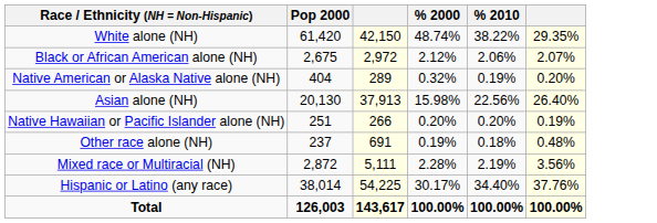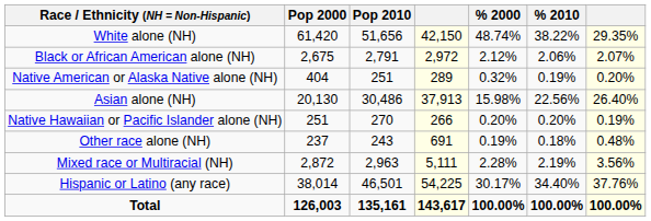 <table class="wikitable" style="text-align:center;">
 <tr>
 <th>Race / Ethnicity <small>(<em>NH = Non-Hispanic</em>)</small></th>
 <th>Pop 2000</th>
+<th>Pop 2010</th>
 <th></th>
 <th>% 2000</th>
 <th>% 2010</th>
 <th></th>
 </tr>
 <tr>
 <td><a href='#'>White</a> alone (NH)</td>
 <td>61,420</td>
+<td>51,656</td>
 <td style='background: #ffffe6;'>42,150</td>
 <td>48.74%</td>
 <td>38.22%</td>
 <td style='background: #ffffe6;'>29.35%</td>
 </tr>
 <tr>
 <td><a href='#'>Black or African American</a> alone (NH)</td>
 <td>2,675</td>
+<td>2,791</td>
 <td style='background: #ffffe6;'>2,972</td>
 <td>2.12%</td>
 <td>2.06%</td>
 <td style='background: #ffffe6;'>2.07%</td>
 </tr>
 <tr>
 <td><a href='#'>Native American</a> or <a href='#'>Alaska Native</a> alone (NH)</td>
 <td>404</td>
+<td>251</td>
 <td style='background: #ffffe6;'>289</td>
 <td>0.32%</td>
 <td>0.19%</td>
 <td style='background: #ffffe6;'>0.20%</td>
 </tr>
 <tr>
 <td><a href='#'>Asian</a> alone (NH)</td>
 <td>20,130</td>
+<td>30,486</td>
 <td style='background: #ffffe6;'>37,913</td>
 <td>15.98%</td>
 <td>22.56%</td>
 <td style='background: #ffffe6;'>26.40%</td>
 </tr>
 <tr>
 <td><a href='#'>Native Hawaiian</a> or <a href='#'>Pacific Islander</a> alone (NH)</td>
 <td>251</td>
+<td>270</td>
 <td style='background: #ffffe6;'>266</td>
 <td>0.20%</td>
 <td>0.20%</td>
 <td style='background: #ffffe6;'>0.19%</td>
 </tr>
 <tr>
 <td><a href='#'>Other race</a> alone (NH)</td>
 <td>237</td>
+<td>243</td>
 <td style='background: #ffffe6;'>691</td>
 <td>0.19%</td>
 <td>0.18%</td>
 <td style='background: #ffffe6;'>0.48%</td>
 </tr>
 <tr>
 <td><a href='#'>Mixed race or Multiracial</a> (NH)</td>
 <td>2,872</td>
+<td>2,963</td>
 <td style='background: #ffffe6;'>5,111</td>
 <td>2.28%</td>
 <td>2.19%</td>
 <td style='background: #ffffe6;'>3.56%</td>
 </tr>
 <tr>
 <td><a href='#'>Hispanic or Latino</a> (any race)</td>
 <td>38,014</td>
+<td>46,501</td>
 <td style='background: #ffffe6;'>54,225</td>
 <td>30.17%</td>
 <td>34.40%</td>
 <td style='background: #ffffe6;'>37.76%</td>
 </tr>
 <tr>
 <td><strong>Total</strong></td>
 <td><strong>126,003</strong></td>
+<td><strong>135,161</strong></td>
 <td style='background: #ffffe6;'><strong>143,617</strong></td>
 <td><strong>100.00%</strong></td>
 <td><strong>100.00%</strong></td>
 <td style='background: #ffffe6;'><strong>100.00%</strong></td>
 </tr>
 </table>
